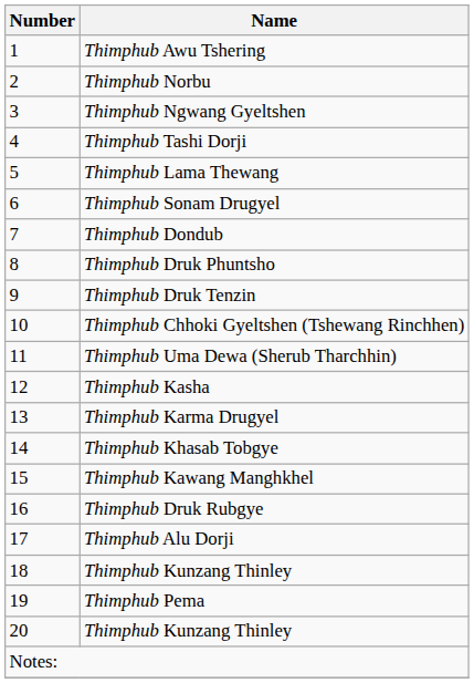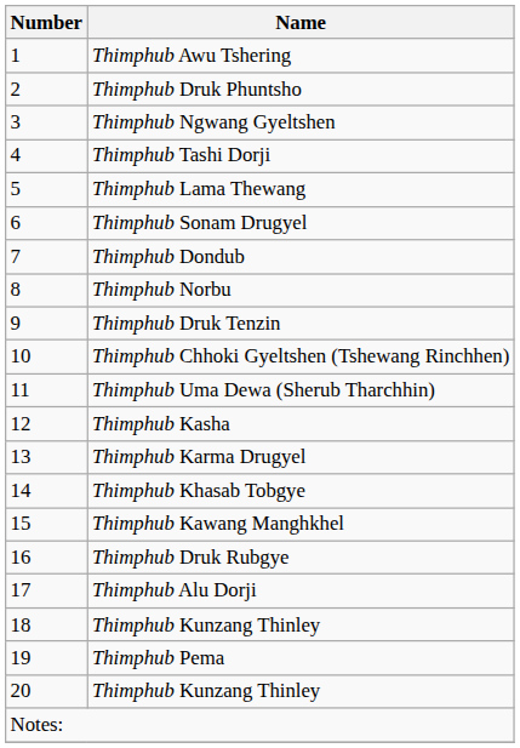 <table class=wikitable style="font-size: 85%;">
 <tr>
 <th>Number</th>
 <th>Name</th>
 </tr>
 <tr>
 <td>1</td>
 <td><em>Thimphub</em> Awu Tshering</td>
 </tr>
 <tr>
 <td>2</td>
-<td><em>Thimphub</em> Norbu</td>
+<td><em>Thimphub</em> Druk Phuntsho</td>
 </tr>
 <tr>
 <td>3</td>
 <td><em>Thimphub</em> Ngwang Gyeltshen</td>
 </tr>
 <tr>
 <td>4</td>
 <td><em>Thimphub</em> Tashi Dorji</td>
 </tr>
 <tr>
 <td>5</td>
 <td><em>Thimphub</em> Lama Thewang</td>
 </tr>
 <tr>
 <td>6</td>
 <td><em>Thimphub</em> Sonam Drugyel</td>
 </tr>
 <tr>
 <td>7</td>
 <td><em>Thimphub</em> Dondub</td>
 </tr>
 <tr>
 <td>8</td>
-<td><em>Thimphub</em> Druk Phuntsho</td>
+<td><em>Thimphub</em> Norbu</td>
 </tr>
 <tr>
 <td>9</td>
 <td><em>Thimphub</em> Druk Tenzin</td>
 </tr>
 <tr>
 <td>10</td>
 <td><em>Thimphub</em> Chhoki Gyeltshen (Tshewang Rinchhen)</td>
 </tr>
 <tr>
 <td>11</td>
 <td><em>Thimphub</em> Uma Dewa (Sherub Tharchhin)</td>
 </tr>
 <tr>
 <td>12</td>
 <td><em>Thimphub</em> Kasha</td>
 </tr>
 <tr>
 <td>13</td>
 <td><em>Thimphub</em> Karma Drugyel</td>
 </tr>
 <tr>
 <td>14</td>
 <td><em>Thimphub</em> Khasab Tobgye</td>
 </tr>
 <tr>
 <td>15</td>
 <td><em>Thimphub</em> Kawang Manghkhel</td>
 </tr>
 <tr>
 <td>16</td>
 <td><em>Thimphub</em> Druk Rubgye</td>
 </tr>
 <tr>
 <td>17</td>
 <td><em>Thimphub</em> Alu Dorji</td>
 </tr>
 <tr>
 <td>18</td>
 <td><em>Thimphub</em> Kunzang Thinley</td>
 </tr>
 <tr>
 <td>19</td>
 <td><em>Thimphub</em> Pema</td>
 </tr>
 <tr>
 <td>20</td>
 <td><em>Thimphub</em> Kunzang Thinley</td>
 </tr>
 <tr>
 <td colspan=2>Notes:<br></td>
 </tr>
 <tr>
 </tr>
 </table>
